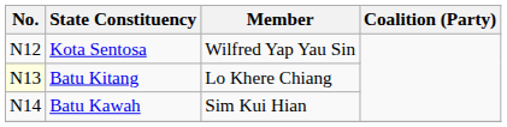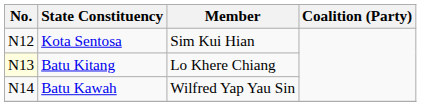 <table class="wikitable">
 <tr>
 <th>No.</th>
 <th>State Constituency</th>
 <th>Member</th>
 <th>Coalition (Party)</th>
 </tr>
 <tr>
 <td>N12</td>
 <td><a href='#'>Kota Sentosa</a></td>
-<td>Wilfred Yap Yau Sin</td>
+<td>Sim Kui Hian</td>
 <td rowspan="3"></td>
 </tr>
 <tr>
 <td style="background: lightyellow;">N13</td>
 <td><a href='#'>Batu Kitang</a></td>
 <td>Lo Khere Chiang</td>
 </tr>
 <tr>
 <td>N14</td>
 <td><a href='#'>Batu Kawah</a></td>
-<td>Sim Kui Hian</td>
+<td>Wilfred Yap Yau Sin</td>
 </tr>
 <tr>
 </tr>
 </table>
